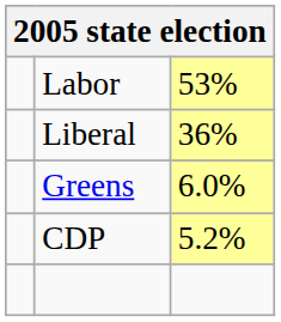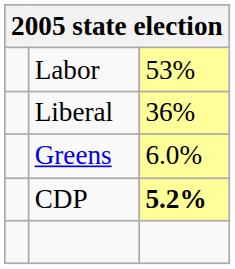 <table class="wikitable">
 <tr>
 <th colspan = 3>2005 state election</th>
 </tr>
 <tr>
 <td> </td>
 <td>Labor</td>
 <td bgcolor="FFFF99">53%</td>
 </tr>
 <tr>
 <td> </td>
 <td>Liberal</td>
 <td bgcolor="FFFF99">36%</td>
 </tr>
 <tr>
 <td> </td>
 <td><a href='#'>Greens</a></td>
 <td bgcolor="FFFF99">6.0%</td>
 </tr>
 <tr>
 <td> </td>
 <td>CDP</td>
-<td bgcolor="FFFF99">5.2%</td>
+<td bgcolor="FFFF99"><strong>5.2%</strong></td>
 </tr>
 <tr>
 <td> </td>
 <td> </td>
 <td> </td>
 </tr>
 </table>
